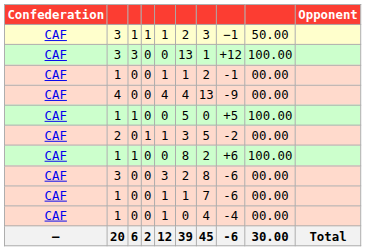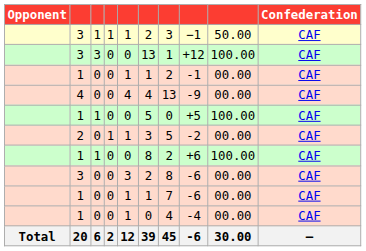 <table class="wikitable sortable" style="text-align:center;">
 <tr style="color:white">
-<th style="background-color:#FC3D32;color:white">Confederation</th>
+<th style="background-color:#FC3D32;color:white">Opponent</th>
 <th style="background-color:#FC3D32;"></th>
 <th style="background-color:#FC3D32;"></th>
 <th style="background-color:#FC3D32;"></th>
 <th style="background-color:#FC3D32;"></th>
 <th style="background-color:#FC3D32;"></th>
 <th style="background-color:#FC3D32;"></th>
 <th style="background-color:#FC3D32;"></th>
 <th style="background-color:#FC3D32;"></th>
-<th style="background-color:#FC3D32;color:white">Opponent</th>
+<th style="background-color:#FC3D32;color:white">Confederation</th>
 </tr>
 <tr bgcolor=FFFFCC>
-<td><a href='#'>CAF</a></td>
+<td style="text-align:left;"></td>
 <td>3</td>
 <td>1</td>
 <td>1</td>
 <td>1</td>
 <td>2</td>
 <td>3</td>
 <td>−1</td>
 <td>50.00</td>
-<td style="text-align:left;"></td>
+<td><a href='#'>CAF</a></td>
 </tr>
 <tr bgcolor=CCFFCC>
-<td><a href='#'>CAF</a></td>
+<td style="text-align:left;"></td>
 <td>3</td>
 <td>3</td>
 <td>0</td>
 <td>0</td>
 <td>13</td>
 <td>1</td>
 <td>+12</td>
 <td>100.00</td>
-<td style="text-align:left;"></td>
+<td><a href='#'>CAF</a></td>
 </tr>
 <tr bgcolor=FFDACC>
-<td><a href='#'>CAF</a></td>
+<td style="text-align:left;"></td>
 <td>1</td>
 <td>0</td>
 <td>0</td>
 <td>1</td>
 <td>1</td>
 <td>2</td>
 <td>-1</td>
 <td>00.00</td>
-<td style="text-align:left;"></td>
+<td><a href='#'>CAF</a></td>
 </tr>
 <tr bgcolor=FFDACC>
-<td><a href='#'>CAF</a></td>
+<td style="text-align:left;"></td>
 <td>4</td>
 <td>0</td>
 <td>0</td>
 <td>4</td>
 <td>4</td>
 <td>13</td>
 <td>-9</td>
 <td>00.00</td>
-<td style="text-align:left;"></td>
+<td><a href='#'>CAF</a></td>
 </tr>
 <tr bgcolor=CCFFCC>
-<td><a href='#'>CAF</a></td>
+<td style="text-align:left;"></td>
 <td>1</td>
 <td>1</td>
 <td>0</td>
 <td>0</td>
 <td>5</td>
 <td>0</td>
 <td>+5</td>
 <td>100.00</td>
-<td style="text-align:left;"></td>
+<td><a href='#'>CAF</a></td>
 </tr>
 <tr bgcolor=FFDACC>
-<td><a href='#'>CAF</a></td>
+<td style="text-align:left;"></td>
 <td>2</td>
 <td>0</td>
 <td>1</td>
 <td>1</td>
 <td>3</td>
 <td>5</td>
 <td>-2</td>
 <td>00.00</td>
-<td style="text-align:left;"></td>
+<td><a href='#'>CAF</a></td>
 </tr>
 <tr bgcolor=CCFFCC>
-<td><a href='#'>CAF</a></td>
+<td style="text-align:left;"></td>
 <td>1</td>
 <td>1</td>
 <td>0</td>
 <td>0</td>
 <td>8</td>
 <td>2</td>
 <td>+6</td>
 <td>100.00</td>
-<td style="text-align:left;"></td>
+<td><a href='#'>CAF</a></td>
 </tr>
 <tr bgcolor=FFDACC>
-<td><a href='#'>CAF</a></td>
+<td style="text-align:left;"></td>
 <td>3</td>
 <td>0</td>
 <td>0</td>
 <td>3</td>
 <td>2</td>
 <td>8</td>
 <td>-6</td>
 <td>00.00</td>
-<td style="text-align:left;"></td>
+<td><a href='#'>CAF</a></td>
 </tr>
 <tr bgcolor=FFDACC>
-<td><a href='#'>CAF</a></td>
+<td style="text-align:left;"></td>
 <td>1</td>
 <td>0</td>
 <td>0</td>
 <td>1</td>
 <td>1</td>
 <td>7</td>
 <td>-6</td>
 <td>00.00</td>
-<td style="text-align:left;"></td>
+<td><a href='#'>CAF</a></td>
 </tr>
 <tr bgcolor=FFDACC>
-<td><a href='#'>CAF</a></td>
+<td style="text-align:left;"></td>
 <td>1</td>
 <td>0</td>
 <td>0</td>
 <td>1</td>
 <td>0</td>
 <td>4</td>
 <td>-4</td>
 <td>00.00</td>
-<td style="text-align:left;"></td>
+<td><a href='#'>CAF</a></td>
 </tr>
 <tr>
-<th>—</th>
+<th>Total</th>
 <th>20</th>
 <th>6</th>
 <th>2</th>
 <th>12</th>
 <th>39</th>
 <th>45</th>
 <th>-6</th>
 <th>30.00</th>
-<th>Total</th>
+<th>—</th>
 </tr>
 </table>
